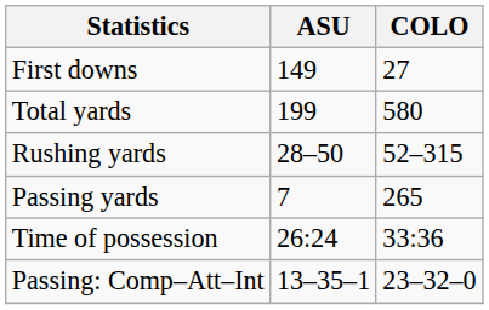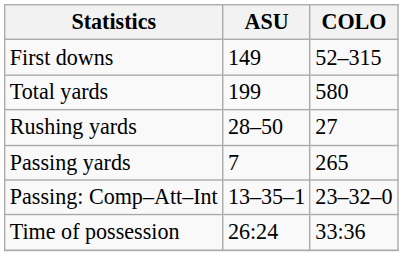 <table class="wikitable" style="float: left;">
 <tr>
 <th>Statistics</th>
 <th>ASU</th>
 <th>COLO</th>
 </tr>
 <tr>
 <td>First downs</td>
 <td>149</td>
-<td>27</td>
+<td>52–315</td>
 </tr>
 <tr>
 <td>Total yards</td>
 <td>199</td>
 <td>580</td>
 </tr>
 <tr>
 <td>Rushing yards</td>
 <td>28–50</td>
-<td>52–315</td>
+<td>27</td>
 </tr>
 <tr>
 <td>Passing yards</td>
 <td>7</td>
 <td>265</td>
 </tr>
 <tr>
+<td>Passing: Comp–Att–Int</td>
+<td>13–35–1</td>
+<td>23–32–0</td>
+</tr>
+<tr>
 <td>Time of possession</td>
 <td>26:24</td>
 <td>33:36</td>
 </tr>
 <tr>
-<td>Passing: Comp–Att–Int</td>
-<td>13–35–1</td>
-<td>23–32–0</td>
-</tr>
-<tr>
 </tr>
 </table>
